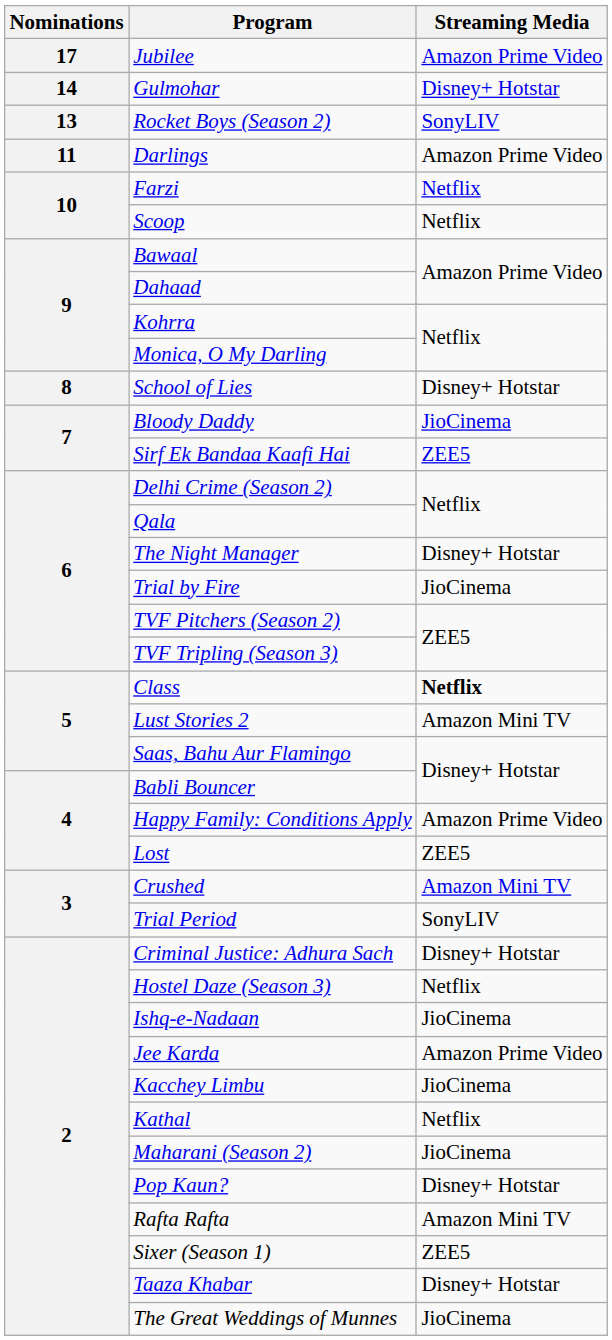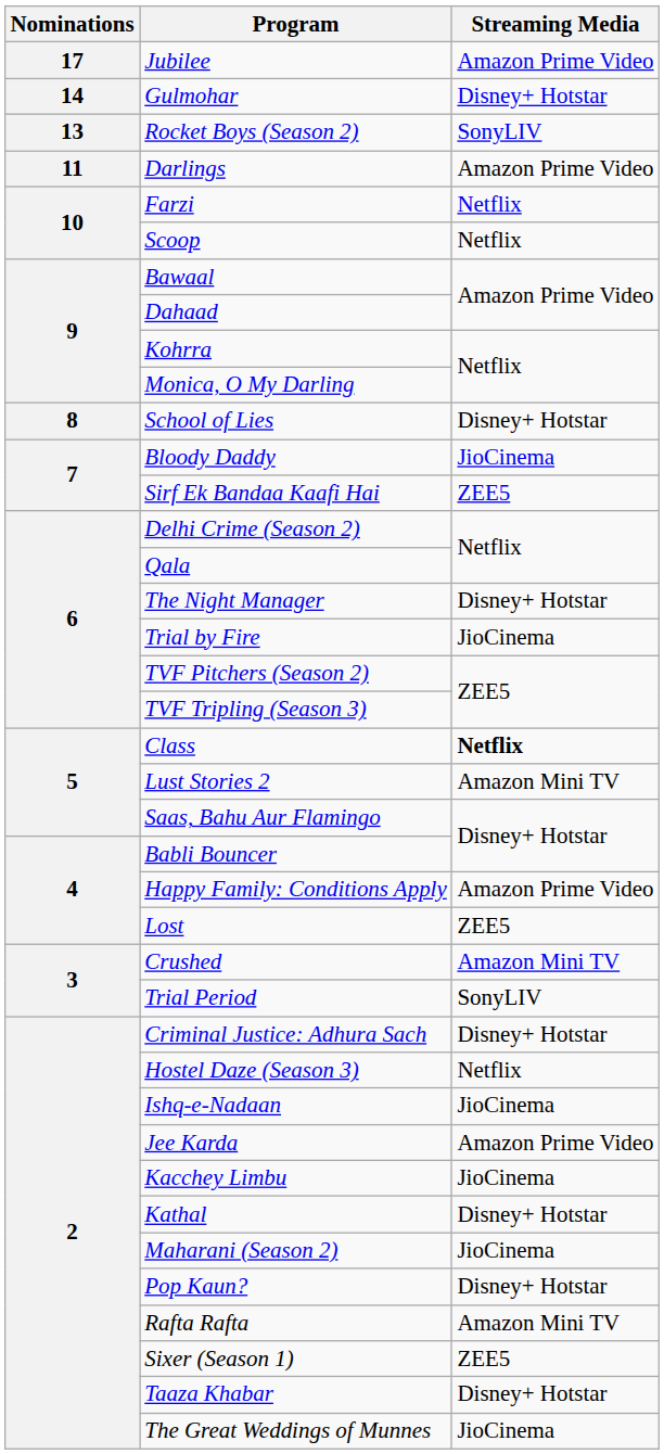 <table class="wikitable" style="display:inline-table;">
 <tr>
 <th>Nominations</th>
 <th>Program</th>
 <th>Streaming Media</th>
 </tr>
 <tr>
 <th>17</th>
 <td><em><a href='#'>Jubilee</a></em></td>
 <td><a href='#'>Amazon Prime Video</a></td>
 </tr>
 <tr>
 <th>14</th>
 <td><a href='#'><em>Gulmohar</em></a></td>
 <td><a href='#'>Disney+ Hotstar</a></td>
 </tr>
 <tr>
 <th>13</th>
 <td><em><a href='#'>Rocket Boys (Season 2)</a></em></td>
 <td><a href='#'>SonyLIV</a></td>
 </tr>
 <tr>
 <th>11</th>
 <td><em><a href='#'>Darlings</a></em></td>
 <td>Amazon Prime Video</td>
 </tr>
 <tr>
 <th rowspan="2">10</th>
 <td><em><a href='#'>Farzi</a></em></td>
 <td><a href='#'>Netflix</a></td>
 </tr>
 <tr>
 <td><em><a href='#'>Scoop</a></em></td>
 <td>Netflix</td>
 </tr>
 <tr>
 <th rowspan="4">9</th>
 <td><em><a href='#'>Bawaal</a></em></td>
 <td rowspan="2">Amazon Prime Video</td>
 </tr>
 <tr>
 <td><em><a href='#'>Dahaad</a></em></td>
 </tr>
 <tr>
 <td><em><a href='#'>Kohrra</a></em></td>
 <td rowspan="2">Netflix</td>
 </tr>
 <tr>
 <td><em><a href='#'>Monica, O My Darling</a></em></td>
 </tr>
 <tr>
 <th>8</th>
 <td><em><a href='#'>School of Lies</a></em></td>
 <td>Disney+ Hotstar</td>
 </tr>
 <tr>
 <th rowspan="2">7</th>
 <td><em><a href='#'>Bloody Daddy</a></em></td>
 <td><a href='#'>JioCinema</a></td>
 </tr>
 <tr>
 <td><em><a href='#'>Sirf Ek Bandaa Kaafi Hai</a></em></td>
 <td><a href='#'>ZEE5</a></td>
 </tr>
 <tr>
 <th rowspan="6">6</th>
 <td><em><a href='#'>Delhi Crime (Season 2)</a></em></td>
 <td rowspan="2">Netflix</td>
 </tr>
 <tr>
 <td><a href='#'><em>Qala</em></a></td>
 </tr>
 <tr>
 <td><em><a href='#'>The Night Manager</a></em></td>
 <td>Disney+ Hotstar</td>
 </tr>
 <tr>
 <td><em><a href='#'>Trial by Fire</a></em></td>
 <td>JioCinema</td>
 </tr>
 <tr>
 <td><em><a href='#'>TVF Pitchers (Season 2)</a></em></td>
 <td rowspan="2">ZEE5</td>
 </tr>
 <tr>
 <td><em><a href='#'>TVF Tripling (Season 3)</a></em></td>
 </tr>
 <tr>
 <th rowspan="3">5</th>
 <td><a href='#'><em>Class</em></a></td>
 <td><strong>Netflix</strong></td>
 </tr>
 <tr>
 <td><em><a href='#'>Lust Stories 2</a></em></td>
 <td>Amazon Mini TV</td>
 </tr>
 <tr>
 <td><em><a href='#'>Saas, Bahu Aur Flamingo</a></em></td>
 <td rowspan="2">Disney+ Hotstar</td>
 </tr>
 <tr>
 <th rowspan="3">4</th>
 <td><em><a href='#'>Babli Bouncer</a></em></td>
 </tr>
 <tr>
 <td><em><a href='#'>Happy Family: Conditions Apply</a></em></td>
 <td>Amazon Prime Video</td>
 </tr>
 <tr>
 <td><a href='#'><em>Lost</em></a></td>
 <td>ZEE5</td>
 </tr>
 <tr>
 <th rowspan="2">3</th>
 <td><em><a href='#'>Crushed</a></em></td>
 <td><a href='#'>Amazon Mini TV</a></td>
 </tr>
 <tr>
 <td><em><a href='#'>Trial Period</a></em></td>
 <td>SonyLIV</td>
 </tr>
 <tr>
 <th rowspan="12">2</th>
 <td><em><a href='#'>Criminal Justice: Adhura Sach</a></em></td>
 <td>Disney+ Hotstar</td>
 </tr>
 <tr>
 <td><em><a href='#'>Hostel Daze (Season 3)</a></em></td>
 <td>Netflix</td>
 </tr>
 <tr>
 <td><em><a href='#'>Ishq-e-Nadaan</a></em></td>
 <td>JioCinema</td>
 </tr>
 <tr>
 <td><em><a href='#'>Jee Karda</a></em></td>
 <td>Amazon Prime Video</td>
 </tr>
 <tr>
 <td><em><a href='#'>Kacchey Limbu</a></em></td>
 <td>JioCinema</td>
 </tr>
 <tr>
 <td><a href='#'><em>Kathal</em></a></td>
-<td>Netflix</td>
+<td>Disney+ Hotstar</td>
 </tr>
 <tr>
 <td><a href='#'><em>Maharani (Season 2)</em></a></td>
 <td>JioCinema</td>
 </tr>
 <tr>
 <td><em><a href='#'>Pop Kaun?</a></em></td>
 <td>Disney+ Hotstar</td>
 </tr>
 <tr>
 <td><em>Rafta Rafta</em></td>
 <td>Amazon Mini TV</td>
 </tr>
 <tr>
 <td><em>Sixer (Season 1)</em></td>
 <td>ZEE5</td>
 </tr>
 <tr>
 <td><em><a href='#'>Taaza Khabar</a></em></td>
 <td>Disney+ Hotstar</td>
 </tr>
 <tr>
 <td><em>The Great Weddings of Munnes</em></td>
 <td>JioCinema</td>
 </tr>
 </table>
